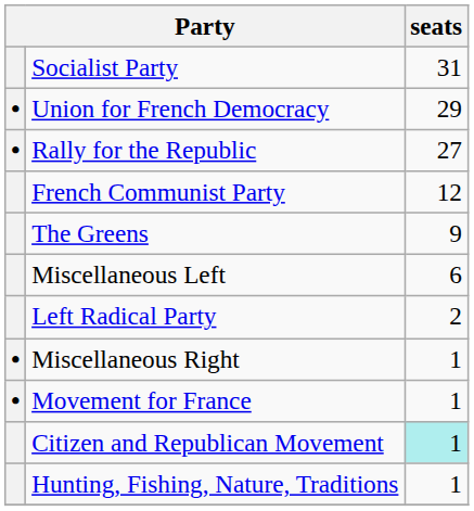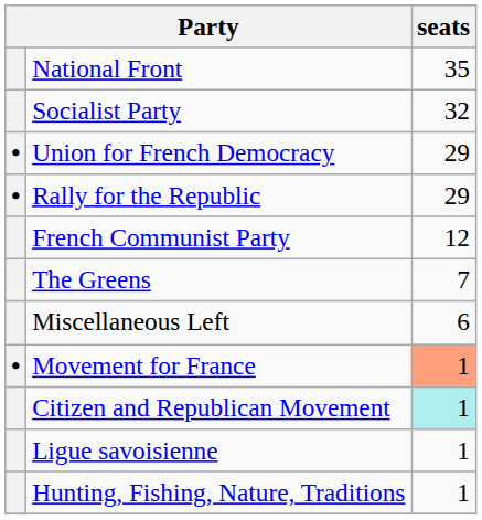 <table class="wikitable" style="font-size: 95%;">
 <tr>
 <th colspan=2>Party</th>
 <th>seats</th>
 </tr>
 <tr>
 <th style="background-color: "></th>
+<td><a href='#'>National Front</a></td>
+<td align="right">35</td>
+</tr>
+<tr>
+<th style="background-color: "></th>
 <td><a href='#'>Socialist Party</a></td>
-<td align="right">31</td>
+<td align="right">32</td>
 </tr>
 <tr>
 <th style="background-color: "><span>•</span></th>
 <td><a href='#'>Union for French Democracy</a></td>
 <td align="right">29</td>
 </tr>
 <tr>
 <th style="background-color: "><span>•</span></th>
 <td><a href='#'>Rally for the Republic</a></td>
-<td align="right">27</td>
+<td align="right">29</td>
 </tr>
 <tr>
 <th style="background-color: "></th>
 <td><a href='#'>French Communist Party</a></td>
 <td align="right">12</td>
 </tr>
 <tr>
 <th style="background-color: "></th>
 <td><a href='#'>The Greens</a></td>
-<td align="right">9</td>
+<td align="right">7</td>
 </tr>
 <tr>
 <th style="background-color: "></th>
 <td>Miscellaneous Left</td>
 <td align="right">6</td>
 </tr>
 <tr>
-<th style="background-color: "></th>
-<td><a href='#'>Left Radical Party</a></td>
-<td align="right">2</td>
-</tr>
-<tr>
-<th style="background-color: "><span>•</span></th>
-<td>Miscellaneous Right</td>
-<td align="right">1</td>
-</tr>
-<tr>
 <th style="background-color: "><span>•</span></th>
 <td><a href='#'>Movement for France</a></td>
-<td align="right">1</td>
+<td align="right" style="background: lightsalmon;">1</td>
 </tr>
 <tr>
 <th style="background-color: "></th>
 <td><a href='#'>Citizen and Republican Movement</a></td>
 <td align="right" style="background: paleturquoise;">1</td>
+</tr>
+<tr>
+<th style="background-color: "></th>
+<td><a href='#'>Ligue savoisienne</a></td>
+<td align="right">1</td>
 </tr>
 <tr>
 <th style="background-color: "></th>
 <td><a href='#'>Hunting, Fishing, Nature, Traditions</a></td>
 <td align="right">1</td>
 </tr>
 <tr>
 </tr>
 </table>
